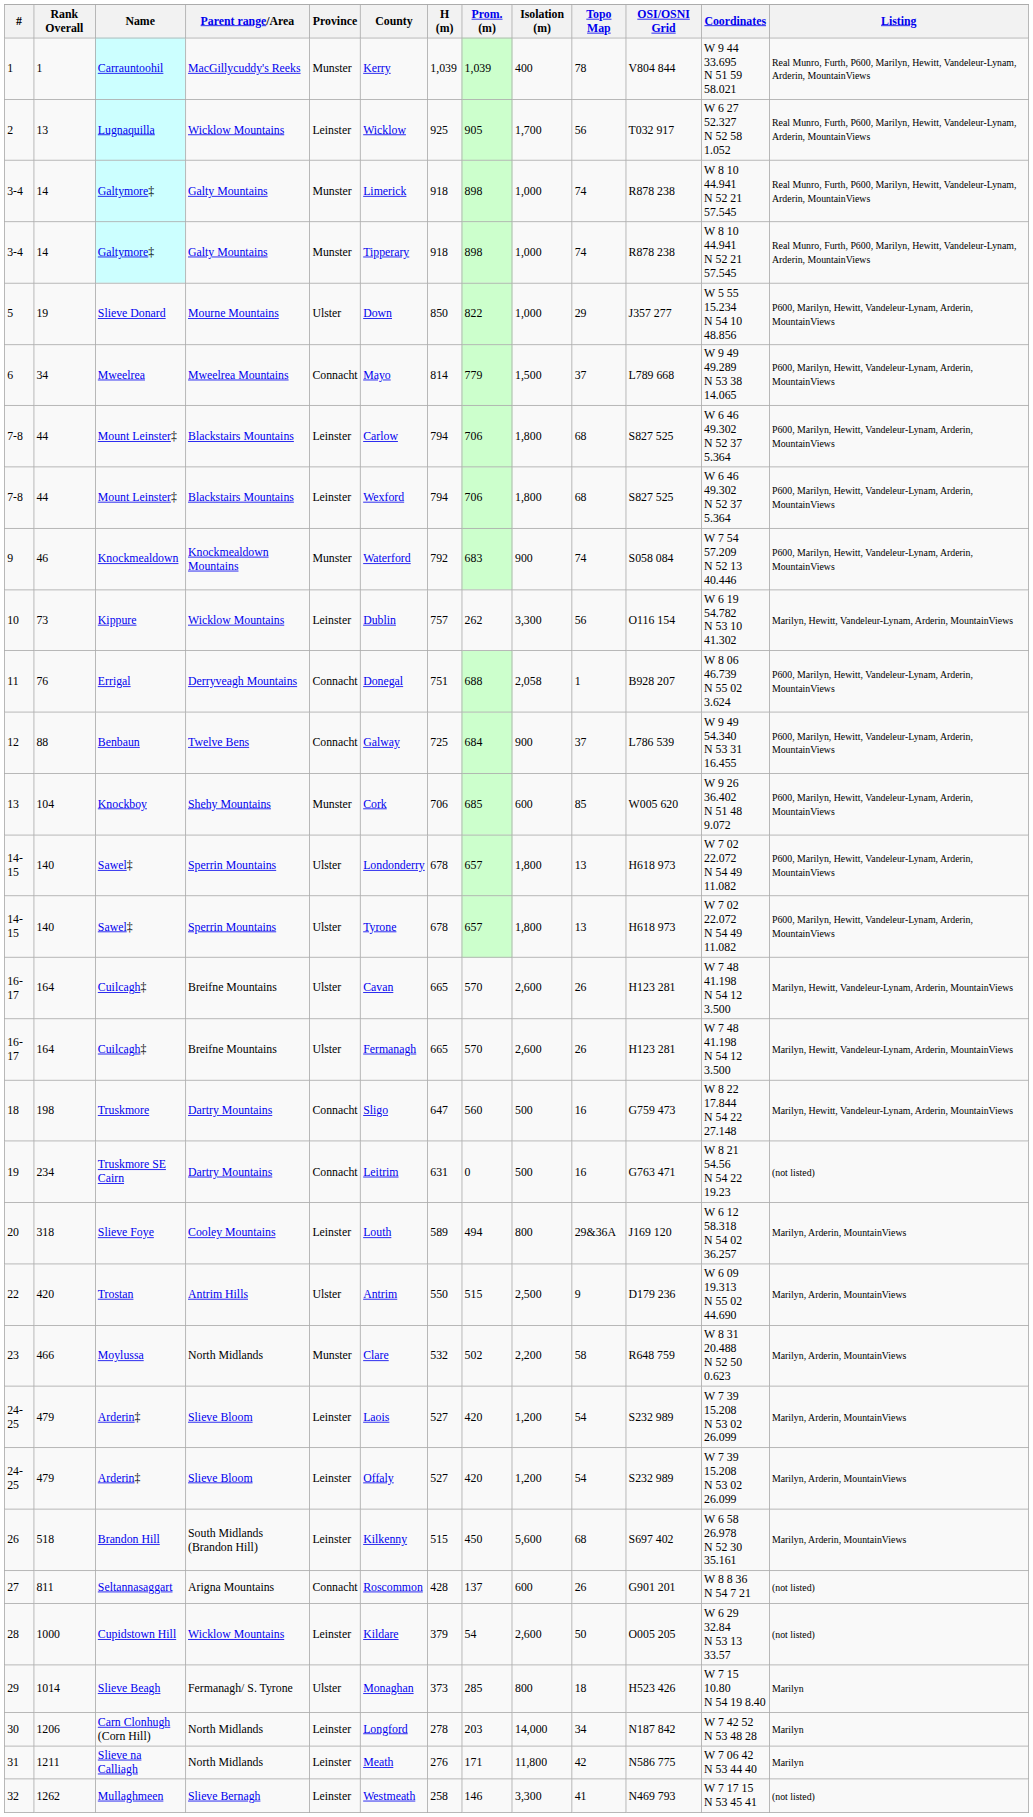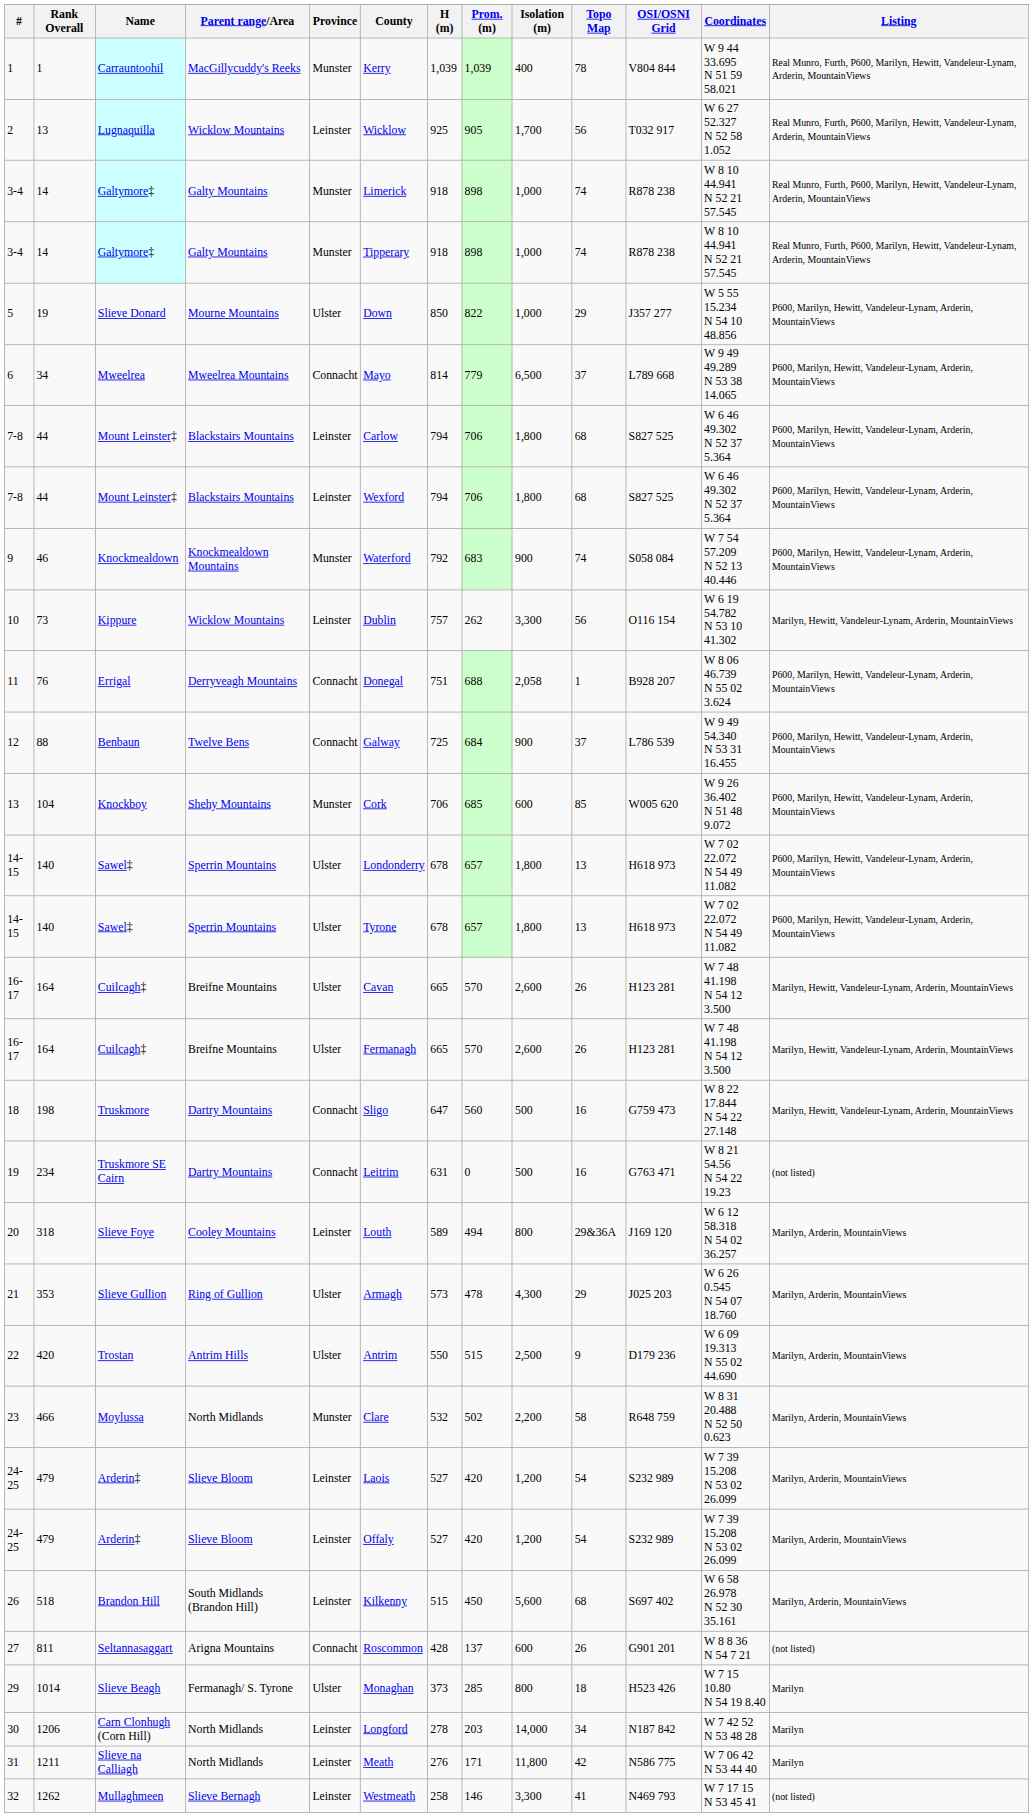 <table class="wikitable sortable" style="font-size:90%">
 <tr>
 </tr>
 <tr>
 <th>#</th>
 <th>Rank Over­all</th>
 <th>Name</th>
 <th><a href='#'>Parent range</a>/⁮Area</th>
 <th>Pro­vince</th>
 <th>County</th>
 <th>H (m)</th>
 <th><a href='#'>Prom.</a> (m)</th>
 <th>Isola­tion (m)</th>
 <th><a href='#'>Topo Map</a></th>
 <th><a href='#'>OSI/⁮OSNI Grid</a></th>
 <th><a href='#'>Coordi­nates</a></th>
 <th><a href='#'>Listing</a></th>
 </tr>
 <tr>
 <td>1</td>
 <td>1</td>
 <td style=" background:#cff"><a href='#'>Carraun­toohil</a><br></td>
 <td><a href='#'>MacGilly­cuddy's Reeks</a></td>
 <td>Munster</td>
 <td><a href='#'>Kerry</a></td>
 <td>1,039</td>
 <td style="background:#cfc">1,039</td>
 <td>400</td>
 <td>78</td>
 <td>V804 844</td>
 <td>W 9 44 33.695<br>N 51 59 58.021</td>
 <td><small>Real Munro, Furth, P600, Marilyn, Hewitt, Vandeleur-Lynam, Arderin, MountainViews</small></td>
 </tr>
 <tr>
 <td>2</td>
 <td>13 </td>
 <td style="background:#cff"><a href='#'>Lugnaquilla</a><br></td>
 <td><a href='#'>Wicklow Mountains</a></td>
 <td>Leinster</td>
 <td><a href='#'>Wicklow</a></td>
 <td>925</td>
 <td style="background:#cfc">905</td>
 <td>1,700</td>
 <td>56</td>
 <td>T032 917</td>
 <td>W 6 27 52.327<br>N 52 58 1.052</td>
 <td><small>Real Munro, Furth, P600, Marilyn, Hewitt, Vandeleur-Lynam, Arderin, MountainViews</small></td>
 </tr>
 <tr>
 <td>3-4</td>
 <td>14 </td>
 <td style="background:#cff"><a href='#'>Galtymore</a>‡</td>
 <td><a href='#'>Galty Mountains</a></td>
 <td>Munster</td>
 <td><a href='#'>Limerick</a></td>
 <td>918</td>
 <td style="background:#cfc">898</td>
 <td>1,000</td>
 <td>74</td>
 <td>R878 238</td>
 <td>W 8 10 44.941<br>N 52 21 57.545</td>
 <td><small>Real Munro, Furth, P600, Marilyn, Hewitt, Vandeleur-Lynam, Arderin, MountainViews</small></td>
 </tr>
 <tr>
 <td>3-4</td>
 <td>14 </td>
 <td style="background:#cff"><a href='#'>Galtymore</a>‡</td>
 <td><a href='#'>Galty Mountains</a></td>
 <td>Munster</td>
 <td><a href='#'>Tipperary</a></td>
 <td>918</td>
 <td style="background:#cfc">898</td>
 <td>1,000</td>
 <td>74</td>
 <td>R878 238</td>
 <td>W 8 10 44.941<br>N 52 21 57.545</td>
 <td><small>Real Munro, Furth, P600, Marilyn, Hewitt, Vandeleur-Lynam, Arderin, MountainViews</small></td>
 </tr>
 <tr>
 <td>5</td>
 <td>19 </td>
 <td><a href='#'>Slieve Donard</a><br></td>
 <td><a href='#'>Mourne Mountains</a></td>
 <td>Ulster</td>
 <td><a href='#'>Down</a></td>
 <td>850</td>
 <td style="background:#cfc">822</td>
 <td>1,000</td>
 <td>29</td>
 <td>J357 277</td>
 <td>W 5 55 15.234<br>N 54 10 48.856</td>
 <td><small>P600, Marilyn, Hewitt, Vandeleur-Lynam, Arderin, MountainViews</small></td>
 </tr>
 <tr>
 <td>6</td>
 <td>34 </td>
 <td><a href='#'>Mweelrea</a><br></td>
 <td><a href='#'>Mweelrea Mountains</a></td>
 <td>Connacht</td>
 <td><a href='#'>Mayo</a></td>
 <td>814</td>
 <td style="background:#cfc">779</td>
-<td>1,500</td>
+<td>6,500</td>
 <td>37</td>
 <td>L789 668</td>
 <td>W 9 49 49.289<br>N 53 38 14.065</td>
 <td><small>P600, Marilyn, Hewitt, Vandeleur-Lynam, Arderin, MountainViews</small></td>
 </tr>
 <tr>
 <td>7-8</td>
 <td>44 </td>
 <td><a href='#'>Mount Leinster</a>‡</td>
 <td><a href='#'>Blackstairs Mountains</a></td>
 <td>Leinster</td>
 <td><a href='#'>Carlow</a></td>
 <td>794</td>
 <td style="background:#cfc">706</td>
 <td>1,800</td>
 <td>68</td>
 <td>S827 525</td>
 <td>W 6 46 49.302<br>N 52 37 5.364</td>
 <td><small>P600, Marilyn, Hewitt, Vandeleur-Lynam, Arderin, MountainViews</small></td>
 </tr>
 <tr>
 <td>7-8</td>
 <td>44 </td>
 <td><a href='#'>Mount Leinster</a>‡</td>
 <td><a href='#'>Blackstairs Mountains</a></td>
 <td>Leinster</td>
 <td><a href='#'>Wexford</a></td>
 <td>794</td>
 <td style="background:#cfc">706</td>
 <td>1,800</td>
 <td>68</td>
 <td>S827 525</td>
 <td>W 6 46 49.302<br>N 52 37 5.364</td>
 <td><small>P600, Marilyn, Hewitt, Vandeleur-Lynam, Arderin, MountainViews</small></td>
 </tr>
 <tr>
 <td>9</td>
 <td>46 </td>
 <td><a href='#'>Knockmeal­down</a></td>
 <td><a href='#'>Knockmeal­down Mountains</a></td>
 <td>Munster</td>
 <td><a href='#'>Waterford</a></td>
 <td>792</td>
 <td style="background:#cfc">683</td>
 <td>900</td>
 <td>74</td>
 <td>S058 084</td>
 <td>W 7 54 57.209<br>N 52 13 40.446</td>
 <td><small>P600, Marilyn, Hewitt, Vandeleur-Lynam, Arderin, MountainViews</small></td>
 </tr>
 <tr>
 <td>10</td>
 <td>73 </td>
 <td><a href='#'>Kippure</a></td>
 <td><a href='#'>Wicklow Mountains</a></td>
 <td>Leinster</td>
 <td><a href='#'>Dublin</a></td>
 <td>757</td>
 <td>262</td>
 <td>3,300</td>
 <td>56</td>
 <td>O116 154</td>
 <td>W 6 19 54.782<br>N 53 10 41.302</td>
 <td><small>Marilyn, Hewitt, Vandeleur-Lynam, Arderin, MountainViews</small></td>
 </tr>
 <tr>
 <td>11</td>
 <td>76 </td>
 <td><a href='#'>Errigal</a></td>
 <td><a href='#'>Derryveagh Mountains</a></td>
 <td>Connacht</td>
 <td><a href='#'>Donegal</a></td>
 <td>751</td>
 <td style="background:#cfc">688</td>
 <td>2,058</td>
 <td>1</td>
 <td>B928 207</td>
 <td>W 8 06 46.739<br>N 55 02 3.624</td>
 <td><small>P600, Marilyn, Hewitt, Vandeleur-Lynam, Arderin, MountainViews</small></td>
 </tr>
 <tr>
 <td>12</td>
 <td>88</td>
 <td><a href='#'>Benbaun</a></td>
 <td><a href='#'>Twelve Bens</a></td>
 <td>Connacht</td>
 <td><a href='#'>Galway</a></td>
 <td>725</td>
 <td style="background:#cfc">684</td>
 <td>900</td>
 <td>37</td>
 <td>L786 539</td>
 <td>W 9 49 54.340<br>N 53 31 16.455</td>
 <td><small>P600, Marilyn, Hewitt, Vandeleur-Lynam, Arderin, MountainViews</small></td>
 </tr>
 <tr>
 <td>13</td>
 <td>104 </td>
 <td><a href='#'>Knockboy</a></td>
 <td><a href='#'>Shehy Mountains</a></td>
 <td>Munster</td>
 <td><a href='#'>Cork</a></td>
 <td>706</td>
 <td style="background:#cfc">685</td>
 <td>600</td>
 <td>85</td>
 <td>W005 620</td>
 <td>W 9 26 36.402<br>N 51 48 9.072</td>
 <td><small>P600, Marilyn, Hewitt, Vandeleur-Lynam, Arderin, MountainViews</small></td>
 </tr>
 <tr>
 <td>14-15</td>
 <td>140 </td>
 <td><a href='#'>Sawel</a>‡</td>
 <td><a href='#'>Sperrin Mountains</a></td>
 <td>Ulster</td>
 <td><a href='#'>Londonderry</a></td>
 <td>678</td>
 <td style="background:#cfc">657</td>
 <td>1,800</td>
 <td>13</td>
 <td>H618 973</td>
 <td>W 7 02 22.072<br>N 54 49 11.082</td>
 <td><small>P600, Marilyn, Hewitt, Vandeleur-Lynam, Arderin, MountainViews</small></td>
 </tr>
 <tr>
 <td>14-15</td>
 <td>140 </td>
 <td><a href='#'>Sawel</a>‡</td>
 <td><a href='#'>Sperrin Mountains</a></td>
 <td>Ulster</td>
 <td><a href='#'>Tyrone</a></td>
 <td>678</td>
 <td style="background:#cfc">657</td>
 <td>1,800</td>
 <td>13</td>
 <td>H618 973</td>
 <td>W 7 02 22.072<br>N 54 49 11.082</td>
 <td><small>P600, Marilyn, Hewitt, Vandeleur-Lynam, Arderin, MountainViews</small></td>
 </tr>
 <tr>
 <td>16-17</td>
 <td>164 </td>
 <td><a href='#'>Cuilcagh</a>‡</td>
 <td>Breifne Mountains</td>
 <td>Ulster</td>
 <td><a href='#'>Cavan</a></td>
 <td>665</td>
 <td>570</td>
 <td>2,600</td>
 <td>26</td>
 <td>H123 281</td>
 <td>W 7 48 41.198<br>N 54 12 3.500</td>
 <td><small>Marilyn, Hewitt, Vandeleur-Lynam, Arderin, MountainViews</small></td>
 </tr>
 <tr>
 <td>16-17</td>
 <td>164</td>
 <td><a href='#'>Cuilcagh</a>‡</td>
 <td>Breifne Mountains</td>
 <td>Ulster</td>
 <td><a href='#'>Ferma­nagh</a></td>
 <td>665</td>
 <td>570</td>
 <td>2,600</td>
 <td>26</td>
 <td>H123 281</td>
 <td>W 7 48 41.198<br>N 54 12 3.500</td>
 <td><small>Marilyn, Hewitt, Vandeleur-Lynam, Arderin, MountainViews</small></td>
 </tr>
 <tr>
 <td>18</td>
 <td>198</td>
 <td><a href='#'>Truskmore</a></td>
 <td><a href='#'>Dartry Mountains</a></td>
 <td>Connacht</td>
 <td><a href='#'>Sligo</a></td>
 <td>647</td>
 <td>560</td>
 <td>500</td>
 <td>16</td>
 <td>G759 473</td>
 <td>W 8 22 17.844<br>N 54 22 27.148</td>
 <td><small>Marilyn, Hewitt, Vandeleur-Lynam, Arderin, MountainViews</small></td>
 </tr>
 <tr>
 <td>19</td>
 <td>234</td>
 <td><a href='#'>Truskmore SE Cairn</a></td>
 <td><a href='#'>Dartry Mountains</a></td>
 <td>Connacht</td>
 <td><a href='#'>Leitrim</a></td>
 <td>631</td>
 <td>0</td>
 <td>500</td>
 <td>16</td>
 <td>G763 471</td>
 <td>W 8 21 54.56<br>N 54 22 19.23</td>
 <td><small>(not listed)</small></td>
 </tr>
 <tr>
 <td>20</td>
 <td>318 </td>
 <td><a href='#'>Slieve Foye</a></td>
 <td><a href='#'>Cooley Mountains</a></td>
 <td>Leinster</td>
 <td><a href='#'>Louth</a></td>
 <td>589</td>
 <td>494</td>
 <td>800</td>
 <td>29&36A</td>
 <td>J169 120</td>
 <td>W 6 12 58.318<br>N 54 02 36.257</td>
 <td><small>Marilyn, Arderin, MountainViews</small></td>
 </tr>
 <tr>
+<td>21</td>
+<td>353</td>
+<td><a href='#'>Slieve Gullion</a></td>
+<td><a href='#'>Ring of Gullion</a></td>
+<td>Ulster</td>
+<td><a href='#'>Armagh</a></td>
+<td>573</td>
+<td>478</td>
+<td>4,300</td>
+<td>29</td>
+<td>J025 203</td>
+<td>W 6 26 0.545<br>N 54 07 18.760</td>
+<td><small>Marilyn, Arderin, MountainViews</small></td>
+</tr>
+<tr>
 <td>22</td>
 <td>420</td>
 <td><a href='#'>Trostan</a></td>
 <td><a href='#'>Antrim Hills</a></td>
 <td>Ulster</td>
 <td><a href='#'>Antrim</a></td>
 <td>550</td>
 <td>515</td>
 <td>2,500</td>
 <td>9</td>
 <td>D179 236</td>
 <td>W 6 09 19.313<br>N 55 02 44.690</td>
 <td><small>Marilyn, Arderin, MountainViews</small></td>
 </tr>
 <tr>
 <td>23</td>
 <td>466 </td>
 <td><a href='#'>Moylussa</a></td>
 <td>North Midlands</td>
 <td>Munster</td>
 <td><a href='#'>Clare</a></td>
 <td>532</td>
 <td>502</td>
 <td>2,200</td>
 <td>58</td>
 <td>R648 759</td>
 <td>W 8 31 20.488<br>N 52 50 0.623</td>
 <td><small>Marilyn, Arderin, MountainViews</small></td>
 </tr>
 <tr>
 <td>24-25</td>
 <td>479</td>
 <td><a href='#'>Arderin</a>‡</td>
 <td><a href='#'>Slieve Bloom</a></td>
 <td>Leinster</td>
 <td><a href='#'>Laois</a></td>
 <td>527</td>
 <td>420</td>
 <td>1,200</td>
 <td>54</td>
 <td>S232 989</td>
 <td>W 7 39 15.208<br>N 53 02 26.099</td>
 <td><small>Marilyn, Arderin, MountainViews</small></td>
 </tr>
 <tr>
 <td>24-25</td>
 <td>479</td>
 <td><a href='#'>Arderin</a>‡</td>
 <td><a href='#'>Slieve Bloom</a></td>
 <td>Leinster</td>
 <td><a href='#'>Offaly</a></td>
 <td>527</td>
 <td>420</td>
 <td>1,200</td>
 <td>54</td>
 <td>S232 989</td>
 <td>W 7 39 15.208<br>N 53 02 26.099</td>
 <td><small>Marilyn, Arderin, MountainViews</small></td>
 </tr>
 <tr>
 <td>26</td>
 <td>518</td>
 <td><a href='#'>Brandon Hill</a></td>
 <td>South Midlands (Brandon Hill)</td>
 <td>Leinster</td>
 <td><a href='#'>Kilkenny</a></td>
 <td>515</td>
 <td>450</td>
 <td>5,600</td>
 <td>68</td>
 <td>S697 402</td>
 <td>W 6 58 26.978<br>N 52 30 35.161</td>
 <td><small>Marilyn, Arderin, MountainViews</small></td>
 </tr>
 <tr>
 <td>27</td>
 <td>811</td>
 <td><a href='#'>Seltanna­saggart</a></td>
 <td>Arigna Mountains</td>
 <td>Connacht</td>
 <td><a href='#'>Ros­common</a></td>
 <td>428</td>
 <td>137</td>
 <td>600</td>
 <td>26</td>
 <td>G901 201</td>
 <td>W 8 8 36<br>N 54 7 21</td>
 <td><small>(not listed)</small></td>
 </tr>
 <tr>
-<td>28</td>
-<td>1000</td>
-<td><a href='#'>Cupidstown Hill</a></td>
-<td><a href='#'>Wicklow Mountains</a></td>
-<td>Leinster</td>
-<td><a href='#'>Kildare</a></td>
-<td>379</td>
-<td>54</td>
-<td>2,600</td>
-<td>50</td>
-<td>O005 205</td>
-<td>W 6 29 32.84<br>N 53 13 33.57</td>
-<td><small>(not listed)</small></td>
-</tr>
-<tr>
 <td>29</td>
 <td>1014</td>
 <td><a href='#'>Slieve Beagh</a></td>
 <td>Fermanagh/ S. Tyrone</td>
 <td>Ulster</td>
 <td><a href='#'>Mona­ghan</a></td>
 <td>373</td>
 <td>285</td>
 <td>800</td>
 <td>18</td>
 <td>H523 426</td>
 <td>W 7 15 10.80<br>N 54 19 8.40</td>
 <td><small>Marilyn</small></td>
 </tr>
 <tr>
 <td>30</td>
 <td>1206</td>
 <td><a href='#'>Carn Clonhugh</a><br>(Corn Hill)</td>
 <td>North Midlands</td>
 <td>Leinster</td>
 <td><a href='#'>Longford</a></td>
 <td>278</td>
 <td>203</td>
 <td>14,000</td>
 <td>34</td>
 <td>N187 842</td>
 <td>W 7 42 52<br>N 53 48 28</td>
 <td><small>Marilyn</small></td>
 </tr>
 <tr>
 <td>31</td>
 <td>1211</td>
 <td><a href='#'>Slieve na Calliagh</a></td>
 <td>North Midlands</td>
 <td>Leinster</td>
 <td><a href='#'>Meath</a></td>
 <td>276</td>
 <td>171</td>
 <td>11,800</td>
 <td>42</td>
 <td>N586 775</td>
 <td>W 7 06 42<br>N 53 44 40</td>
 <td><small>Marilyn</small></td>
 </tr>
 <tr>
 <td>32</td>
 <td>1262</td>
 <td><a href='#'>Mullagh­meen</a></td>
 <td><a href='#'>Slieve Bernagh</a></td>
 <td>Leinster</td>
 <td><a href='#'>West­meath</a></td>
 <td>258</td>
 <td>146</td>
 <td>3,300</td>
 <td>41</td>
 <td>N469 793</td>
 <td>W 7 17 15<br>N 53 45 41</td>
 <td><small>(not listed)</small></td>
 </tr>
 </table>
